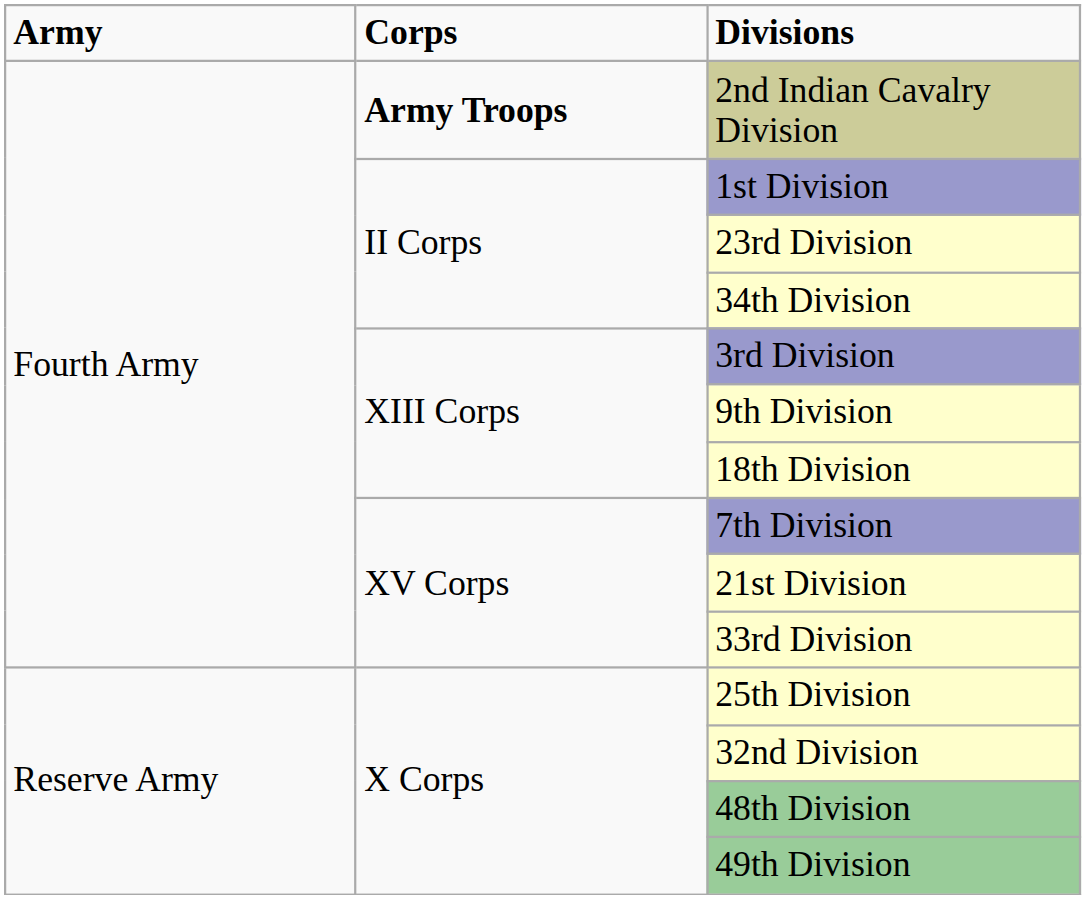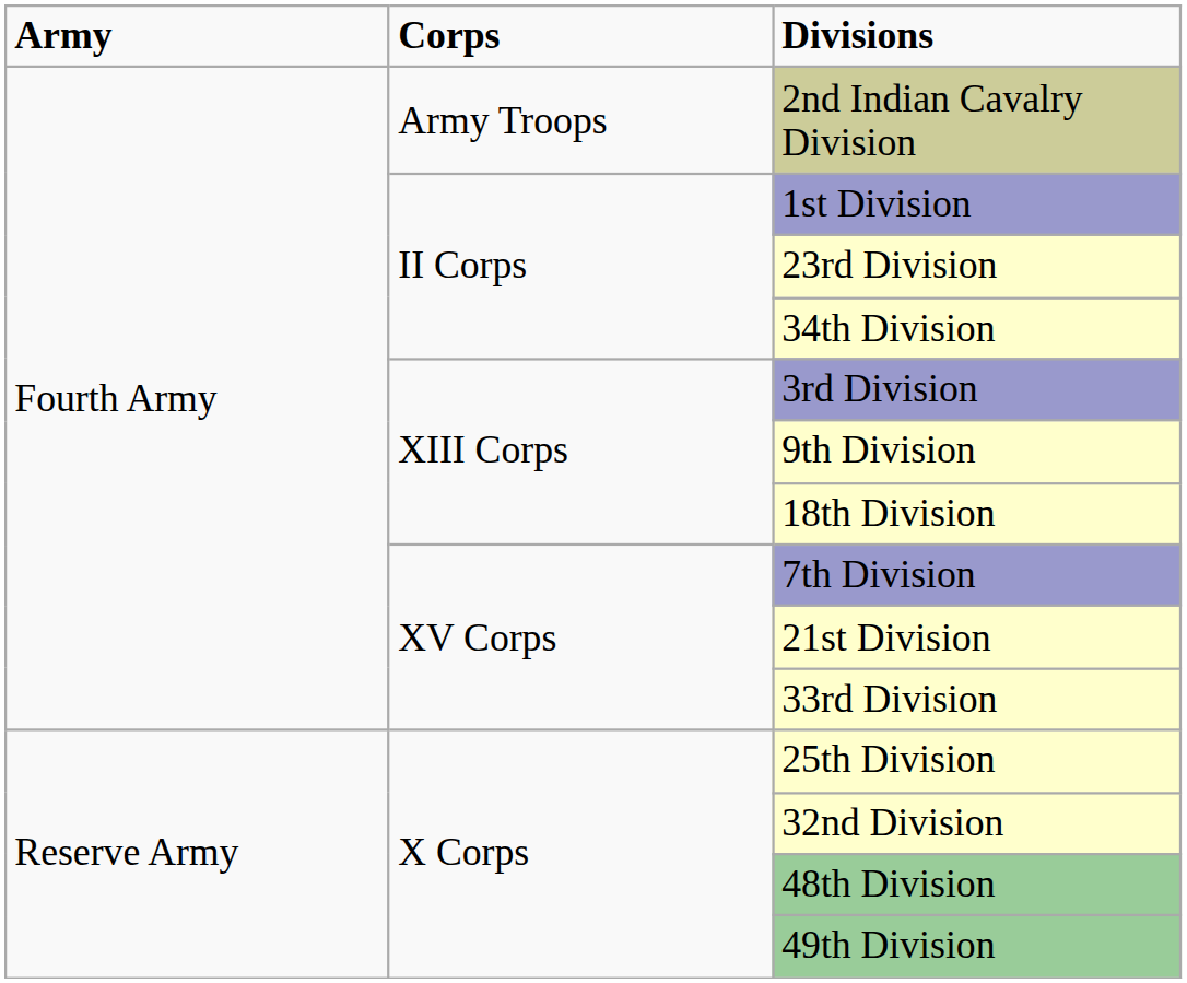 <table class="wikitable">
 <tr>
 <td width="150pt"><strong>Army</strong></td>
 <td width="150pt"><strong>Corps</strong></td>
 <td width="160pt"><strong>Divisions</strong></td>
 </tr>
 <tr>
 <td rowspan="10">Fourth Army</td>
-<td><strong>Army Troops</strong></td>
+<td>Army Troops</td>
 <td style="background:#CCCC99;">2nd Indian Cavalry Division</td>
 </tr>
 <tr>
 <td rowspan="3">II Corps</td>
 <td style="background:#9999CC">1st Division</td>
 </tr>
 <tr>
 <td style="background:#FFFFCC;">23rd Division</td>
 </tr>
 <tr>
 <td style="background:#FFFFCC;">34th Division</td>
 </tr>
 <tr>
 <td rowspan="3">XIII Corps</td>
 <td style="background:#9999CC">3rd Division</td>
 </tr>
 <tr>
 <td style="background:#FFFFCC;">9th Division</td>
 </tr>
 <tr>
 <td style="background:#FFFFCC;">18th Division</td>
 </tr>
 <tr>
 <td rowspan="3">XV Corps</td>
 <td style="background:#9999CC">7th Division</td>
 </tr>
 <tr>
 <td style="background:#FFFFCC;">21st Division</td>
 </tr>
 <tr>
 <td style="background:#FFFFCC;">33rd Division</td>
 </tr>
 <tr>
 <td rowspan="4">Reserve Army</td>
 <td rowspan="4">X Corps</td>
 <td style="background:#FFFFCC;">25th Division</td>
 </tr>
 <tr>
 <td style="background:#FFFFCC;">32nd Division</td>
 </tr>
 <tr>
 <td style="background:#99CC99">48th Division</td>
 </tr>
 <tr>
 <td style="background:#99CC99">49th Division</td>
 </tr>
 <tr>
 </tr>
 </table>
